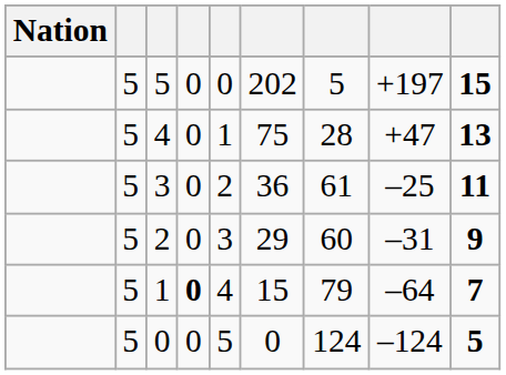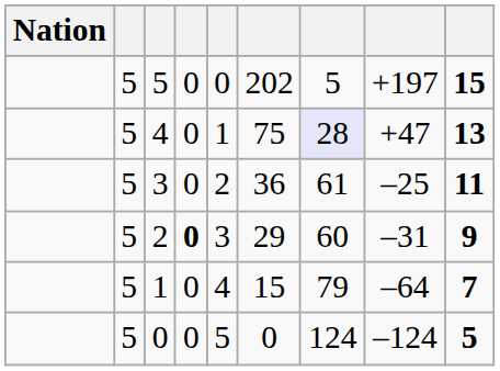 <table class="wikitable" style="text-align: center;">
 <tr>
 <th>Nation</th>
 <th></th>
 <th></th>
 <th></th>
 <th></th>
 <th></th>
 <th></th>
 <th></th>
 <th></th>
 </tr>
 <tr>
 <td align="left"></td>
 <td>5</td>
 <td>5</td>
 <td>0</td>
 <td>0</td>
 <td>202</td>
 <td>5</td>
 <td>+197</td>
 <td><strong>15</strong></td>
 </tr>
 <tr>
 <td align="left"></td>
 <td>5</td>
 <td>4</td>
 <td>0</td>
 <td>1</td>
 <td>75</td>
-<td>28</td>
+<td style="background: lavender;">28</td>
 <td>+47</td>
 <td><strong>13</strong></td>
 </tr>
 <tr>
 <td align="left"></td>
 <td>5</td>
 <td>3</td>
 <td>0</td>
 <td>2</td>
 <td>36</td>
 <td>61</td>
 <td>–25</td>
 <td><strong>11</strong></td>
 </tr>
 <tr>
 <td align="left"></td>
 <td>5</td>
 <td>2</td>
-<td>0</td>
+<td><strong>0</strong></td>
 <td>3</td>
 <td>29</td>
 <td>60</td>
 <td>–31</td>
 <td><strong>9</strong></td>
 </tr>
 <tr>
 <td align="left"></td>
 <td>5</td>
 <td>1</td>
-<td><strong>0</strong></td>
+<td>0</td>
 <td>4</td>
 <td>15</td>
 <td>79</td>
 <td>–64</td>
 <td><strong>7</strong></td>
 </tr>
 <tr>
 <td align="left"></td>
 <td>5</td>
 <td>0</td>
 <td>0</td>
 <td>5</td>
 <td>0</td>
 <td>124</td>
 <td>–124</td>
 <td><strong>5</strong></td>
 </tr>
 </table>
